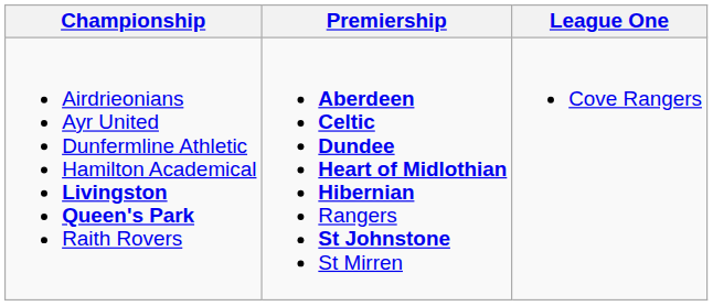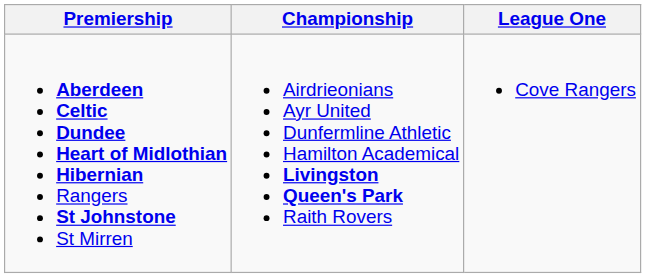 <table class="wikitable" style="text-align:left">
 <tr>
+<th><a href='#'>Premiership</a></th>
 <th><a href='#'>Championship</a></th>
-<th><a href='#'>Premiership</a></th>
 <th><a href='#'>League One</a></th>
 </tr>
 <tr>
+<td valign=top><br><ul><li><strong><a href='#'>Aberdeen</a></strong></li><li><strong><a href='#'>Celtic</a></strong></li><li><strong><a href='#'>Dundee</a></strong></li><li><strong><a href='#'>Heart of Midlothian</a></strong></li><li><strong><a href='#'>Hibernian</a></strong></li><li><a href='#'>Rangers</a></li><li><strong><a href='#'>St Johnstone</a></strong></li><li><a href='#'>St Mirren</a></li></ul></td>
 <td valign=top><br><ul><li><a href='#'>Airdrieonians</a></li><li><a href='#'>Ayr United</a></li><li><a href='#'>Dunfermline Athletic</a></li><li><a href='#'>Hamilton Academical</a></li><li><strong><a href='#'>Livingston</a></strong></li><li><strong><a href='#'>Queen's Park</a></strong></li><li><a href='#'>Raith Rovers</a></li></ul></td>
-<td valign=top><br><ul><li><strong><a href='#'>Aberdeen</a></strong></li><li><strong><a href='#'>Celtic</a></strong></li><li><strong><a href='#'>Dundee</a></strong></li><li><strong><a href='#'>Heart of Midlothian</a></strong></li><li><strong><a href='#'>Hibernian</a></strong></li><li><a href='#'>Rangers</a></li><li><strong><a href='#'>St Johnstone</a></strong></li><li><a href='#'>St Mirren</a></li></ul></td>
 <td valign=top><br><ul><li><a href='#'>Cove Rangers</a></li></ul></td>
 </tr>
 </table>
